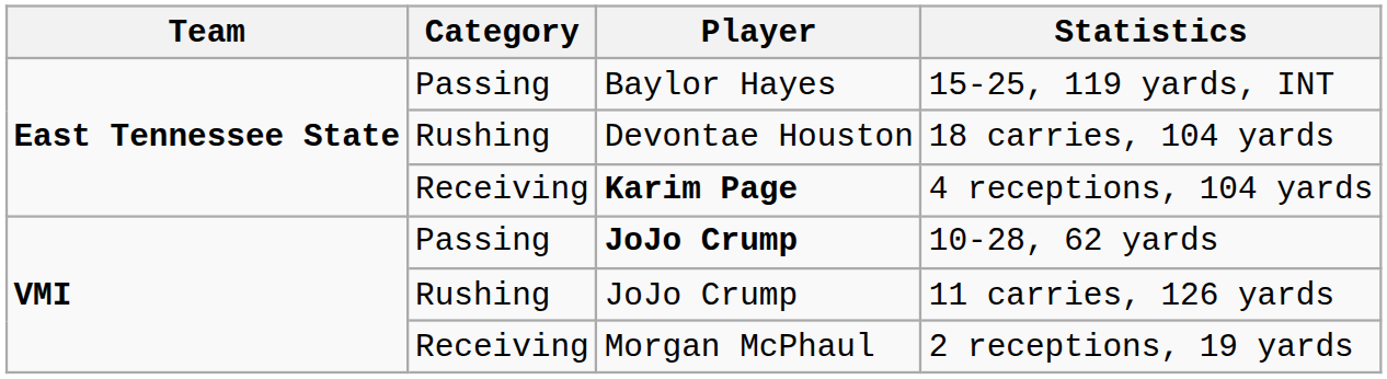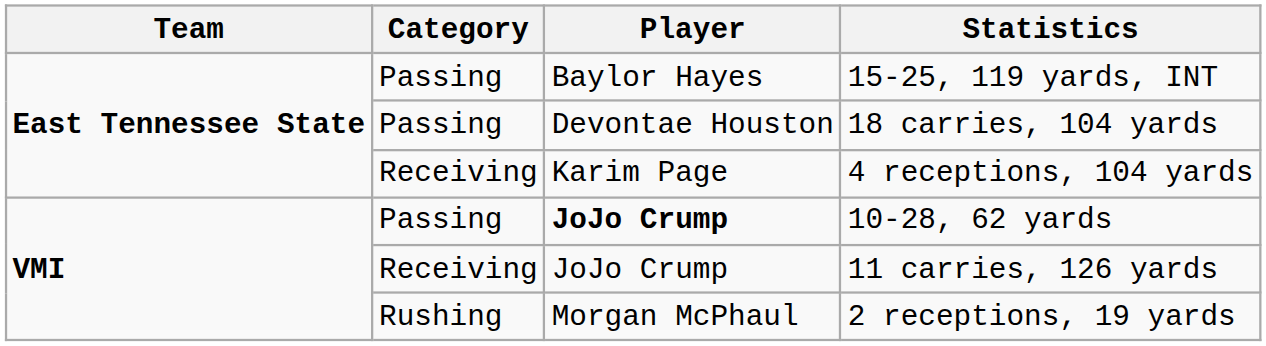 <table class="wikitable" style="float: right;">
 <tr>
 <th>Team</th>
 <th>Category</th>
 <th>Player</th>
 <th>Statistics</th>
 </tr>
 <tr>
 <td rowspan=3><strong>East Tennessee State</strong></td>
 <td>Passing</td>
 <td>Baylor Hayes</td>
 <td>15-25, 119 yards, INT</td>
 </tr>
 <tr>
-<td>Rushing</td>
+<td>Passing</td>
 <td>Devontae Houston</td>
 <td>18 carries, 104 yards</td>
 </tr>
 <tr>
 <td>Receiving</td>
-<td><strong>Karim Page</strong></td>
+<td>Karim Page</td>
 <td>4 receptions, 104 yards</td>
 </tr>
 <tr>
 <td rowspan=3><strong>VMI</strong></td>
 <td>Passing</td>
 <td><strong>JoJo Crump</strong></td>
 <td>10-28, 62 yards</td>
 </tr>
 <tr>
-<td>Rushing</td>
+<td>Receiving</td>
 <td>JoJo Crump</td>
 <td>11 carries, 126 yards</td>
 </tr>
 <tr>
-<td>Receiving</td>
+<td>Rushing</td>
 <td>Morgan McPhaul</td>
 <td>2 receptions, 19 yards</td>
 </tr>
 </table>
